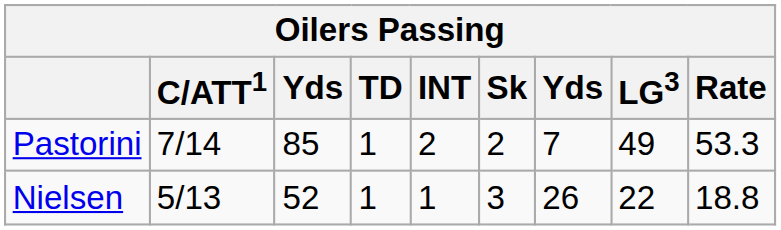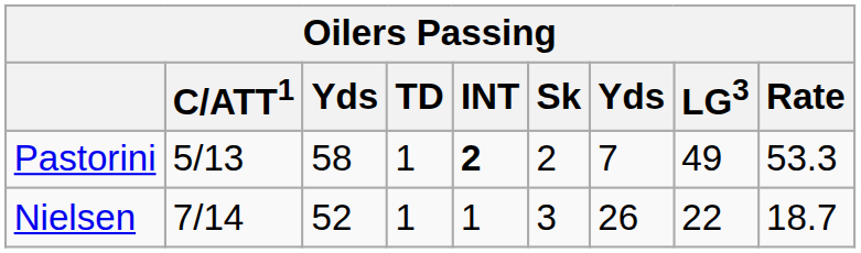 <table class="wikitable">
 <tr>
 <th colspan="9">Oilers Passing</th>
 </tr>
 <tr>
 <th></th>
 <th>C/ATT<sup>1</sup></th>
 <th>Yds</th>
 <th>TD</th>
 <th>INT</th>
 <th>Sk</th>
 <th>Yds</th>
 <th>LG<sup>3</sup></th>
 <th>Rate</th>
 </tr>
 <tr>
 <td><a href='#'>Pastorini</a></td>
-<td>7/14</td>
-<td>85</td>
+<td>5/13</td>
+<td>58</td>
 <td>1</td>
-<td>2</td>
+<td><strong>2</strong></td>
 <td>2</td>
 <td>7</td>
 <td>49</td>
 <td>53.3</td>
 </tr>
 <tr>
 <td><a href='#'>Nielsen</a></td>
-<td>5/13</td>
+<td>7/14</td>
 <td>52</td>
 <td>1</td>
 <td>1</td>
 <td>3</td>
 <td>26</td>
 <td>22</td>
-<td>18.8</td>
+<td>18.7</td>
 </tr>
 </table>
